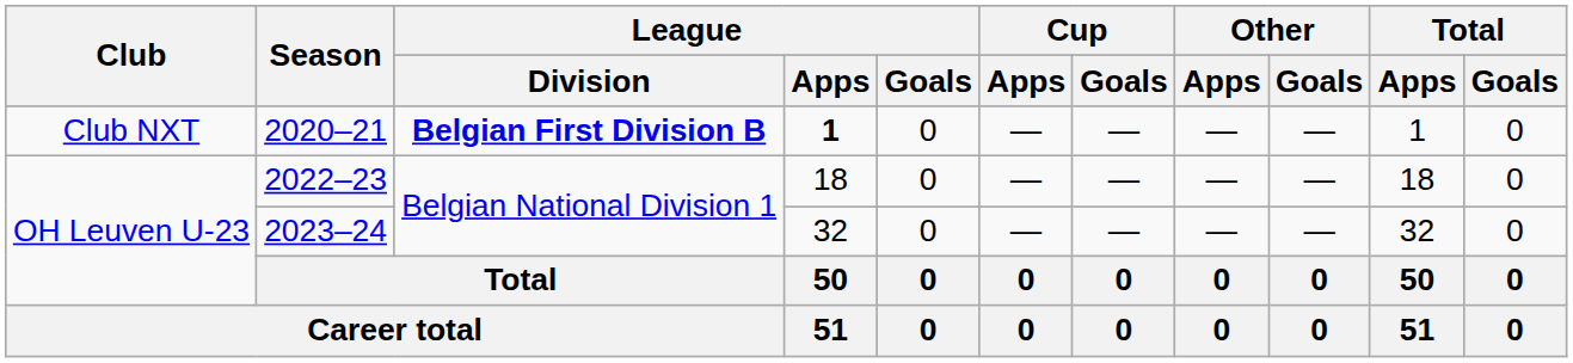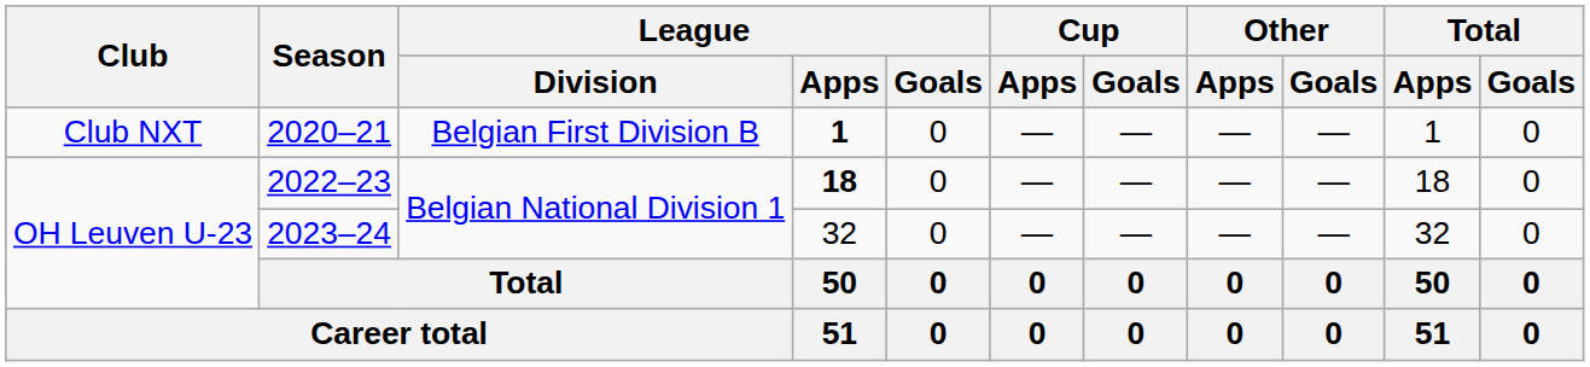 <table class=wikitable style=text-align:center>
 <tr>
 <th rowspan=2>Club</th>
 <th rowspan=2>Season</th>
 <th colspan=3>League</th>
 <th colspan=2>Cup</th>
 <th colspan=2>Other</th>
 <th colspan=2>Total</th>
 </tr>
 <tr>
 <th>Division</th>
 <th>Apps</th>
 <th>Goals</th>
 <th>Apps</th>
 <th>Goals</th>
 <th>Apps</th>
 <th>Goals</th>
 <th>Apps</th>
 <th>Goals</th>
 </tr>
 <tr>
 <td><a href='#'>Club NXT</a></td>
 <td><a href='#'>2020–21</a></td>
-<td><strong><a href='#'>Belgian First Division B</a></strong></td>
+<td><a href='#'>Belgian First Division B</a></td>
 <td><strong>1</strong></td>
 <td>0</td>
 <td>—</td>
 <td>—</td>
 <td>—</td>
 <td>—</td>
 <td>1</td>
 <td>0</td>
 </tr>
 <tr>
 <td rowspan=3><a href='#'>OH Leuven U-23</a></td>
 <td><a href='#'>2022–23</a></td>
 <td rowspan=2><a href='#'>Belgian National Division 1</a></td>
-<td>18</td>
+<td><strong>18</strong></td>
 <td>0</td>
 <td>—</td>
 <td>—</td>
 <td>—</td>
 <td>—</td>
 <td>18</td>
 <td>0</td>
 </tr>
 <tr>
 <td><a href='#'>2023–24</a></td>
 <td>32</td>
 <td>0</td>
 <td>—</td>
 <td>—</td>
 <td>—</td>
 <td>—</td>
 <td>32</td>
 <td>0</td>
 </tr>
 <tr>
 <th colspan="2">Total</th>
 <th>50</th>
 <th>0</th>
 <th>0</th>
 <th>0</th>
 <th>0</th>
 <th>0</th>
 <th>50</th>
 <th>0</th>
 </tr>
 <tr>
 <th colspan=3>Career total</th>
 <th>51</th>
 <th>0</th>
 <th>0</th>
 <th>0</th>
 <th>0</th>
 <th>0</th>
 <th>51</th>
 <th>0</th>
 </tr>
 </table>
